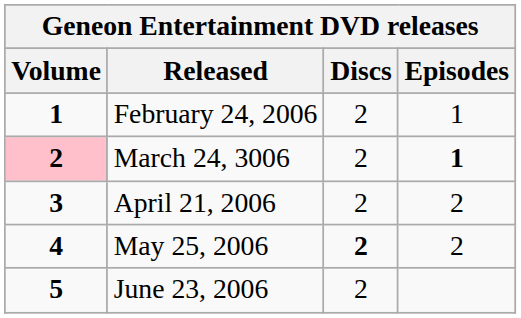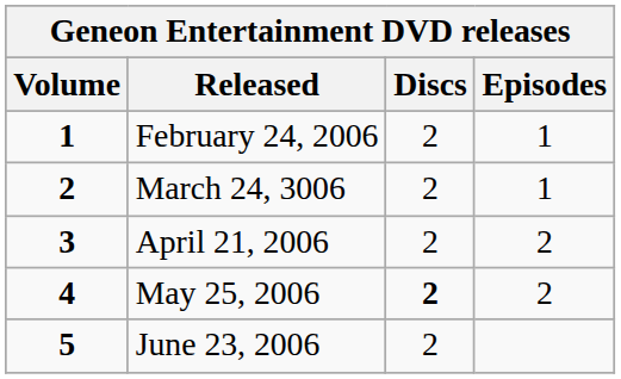 <table class="wikitable">
 <tr>
 <th colspan="9"><strong>Geneon Entertainment DVD releases</strong></th>
 </tr>
 <tr>
 <th><strong>Volume</strong></th>
 <th><strong>Released</strong></th>
 <th><strong>Discs</strong></th>
 <th><strong>Episodes</strong></th>
 </tr>
 <tr>
 <td align=center><strong>1</strong></td>
 <td>February 24, 2006</td>
 <td align=center>2</td>
 <td align=center>1</td>
 </tr>
 <tr>
-<td align=center style="background: pink;"><strong>2</strong></td>
+<td align=center><strong>2</strong></td>
 <td>March 24, 3006</td>
 <td align=center>2</td>
-<td align=center><strong>1</strong></td>
+<td align=center>1</td>
 </tr>
 <tr>
 <td align=center><strong>3</strong></td>
 <td>April 21, 2006</td>
 <td align=center>2</td>
 <td align=center>2</td>
 </tr>
 <tr>
 <td align=center><strong>4</strong></td>
 <td>May 25, 2006</td>
 <td align=center><strong>2</strong></td>
 <td align=center>2</td>
 </tr>
 <tr>
 <td align=center><strong>5</strong></td>
 <td>June 23, 2006</td>
 <td align=center>2</td>
 <td align=center></td>
 </tr>
 </table>
